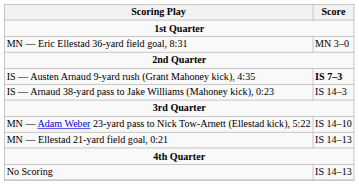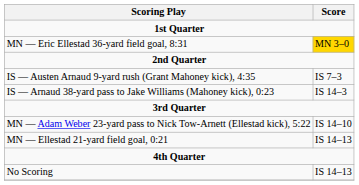 <table class="wikitable">
 <tr>
 <th>Scoring Play</th>
 <th>Score</th>
 </tr>
 <tr>
 <td colspan="4" align="center"><strong>1st Quarter</strong></td>
 </tr>
 <tr>
 <td>MN — Eric Ellestad 36-yard field goal, 8:31</td>
-<td>MN 3–0</td>
+<td style="background: gold;">MN 3–0</td>
 </tr>
 <tr>
 <td colspan="4" align="center"><strong>2nd Quarter</strong></td>
 </tr>
 <tr>
 <td>IS — Austen Arnaud 9-yard rush (Grant Mahoney kick), 4:35</td>
-<td><strong>IS 7–3</strong></td>
+<td>IS 7–3</td>
 </tr>
 <tr>
 <td>IS — Arnaud 38-yard pass to Jake Williams (Mahoney kick), 0:23</td>
 <td>IS 14–3</td>
 </tr>
 <tr>
 <td colspan="4" align="center"><strong>3rd Quarter</strong></td>
 </tr>
 <tr>
 <td>MN — <a href='#'>Adam Weber</a> 23-yard pass to Nick Tow-Arnett (Ellestad kick), 5:22</td>
 <td>IS 14–10</td>
 </tr>
 <tr>
 <td>MN — Ellestad 21-yard field goal, 0:21</td>
 <td>IS 14–13</td>
 </tr>
 <tr>
 <td colspan="4" align="center"><strong>4th Quarter</strong></td>
 </tr>
 <tr>
 <td>No Scoring</td>
 <td>IS 14–13</td>
 </tr>
 <tr>
 </tr>
 </table>
